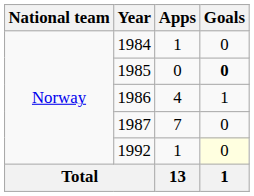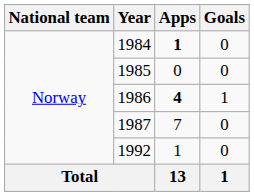 <table class="wikitable" style="text-align:center">
 <tr>
 <th>National team</th>
 <th>Year</th>
 <th>Apps</th>
 <th>Goals</th>
 </tr>
 <tr>
 <td rowspan="5"><a href='#'>Norway</a></td>
 <td>1984</td>
-<td>1</td>
+<td><strong>1</strong></td>
 <td>0</td>
 </tr>
 <tr>
 <td>1985</td>
 <td>0</td>
-<td><strong>0</strong></td>
+<td>0</td>
 </tr>
 <tr>
 <td>1986</td>
-<td>4</td>
+<td><strong>4</strong></td>
 <td>1</td>
 </tr>
 <tr>
 <td>1987</td>
 <td>7</td>
 <td>0</td>
 </tr>
 <tr>
 <td>1992</td>
 <td>1</td>
-<td style="background: lightyellow;">0</td>
+<td>0</td>
 </tr>
 <tr>
 <th colspan="2">Total</th>
 <th>13</th>
 <th>1</th>
 </tr>
 </table>
